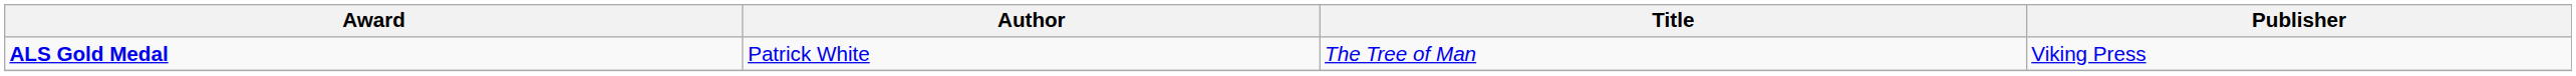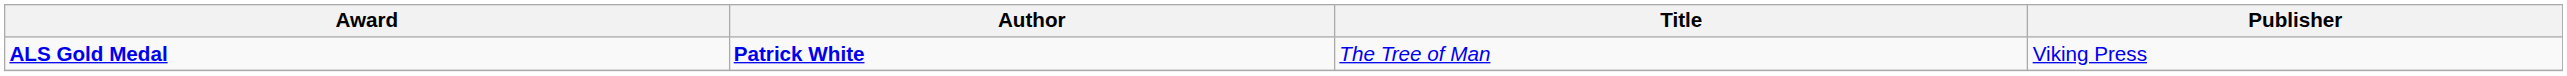 <table class="wikitable" width=100%>
 <tr>
 <th>Award</th>
 <th>Author</th>
 <th>Title</th>
 <th>Publisher</th>
 </tr>
 <tr>
 <td><strong><a href='#'>ALS Gold Medal</a></strong></td>
-<td><a href='#'>Patrick White</a></td>
+<td><strong><a href='#'>Patrick White</a></strong></td>
 <td><em><a href='#'>The Tree of Man</a></em></td>
 <td><a href='#'>Viking Press</a></td>
 </tr>
 <tr>
 </tr>
 </table>
